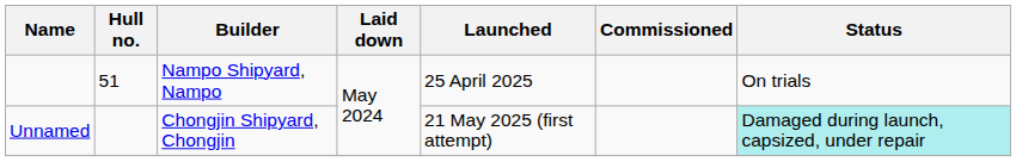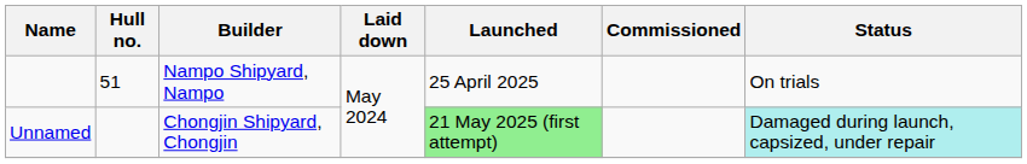 <table class="sortable wikitable">
 <tr>
 <th>Name</th>
 <th>Hull no.</th>
 <th>Builder</th>
 <th>Laid down</th>
 <th>Launched</th>
 <th>Commissioned</th>
 <th>Status</th>
 </tr>
 <tr>
 <td></td>
 <td>51</td>
 <td><a href='#'>Nampo Shipyard</a>, <a href='#'>Nampo</a></td>
 <td rowspan="2">May 2024</td>
 <td>25 April 2025</td>
 <td></td>
 <td>On trials</td>
 </tr>
 <tr>
 <td><a href='#'>Unnamed</a></td>
 <td></td>
 <td><a href='#'>Chongjin Shipyard</a>, <a href='#'>Chongjin</a></td>
-<td>21 May 2025 (first attempt)</td>
+<td style="background: lightgreen;">21 May 2025 (first attempt)</td>
 <td></td>
 <td style="background: paleturquoise;">Damaged during launch, capsized, under repair</td>
 </tr>
 <tr>
 </tr>
 </table>
